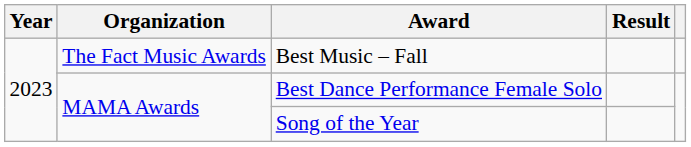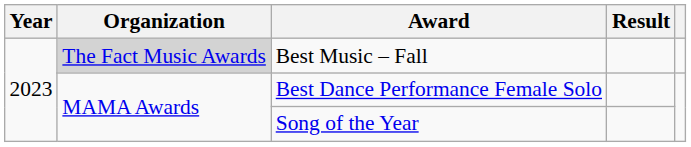 <table class="wikitable plainrowheaders">
 <tr align=center>
 <th scope="col">Year</th>
 <th scope="col">Organization</th>
 <th scope="col">Award</th>
 <th scope="col">Result</th>
 <th scope="col"></th>
 </tr>
 <tr>
 <td rowspan="3" align="center">2023</td>
-<td><a href='#'>The Fact Music Awards</a></td>
+<td style="background: lightgrey;"><a href='#'>The Fact Music Awards</a></td>
 <td>Best Music – Fall</td>
 <td></td>
 <td style="text-align:center;"></td>
 </tr>
 <tr>
 <td rowspan="2"><a href='#'>MAMA Awards</a></td>
 <td><a href='#'>Best Dance Performance Female Solo</a></td>
 <td></td>
 <td style="text-align:center" rowspan="2"></td>
 </tr>
 <tr>
 <td><a href='#'>Song of the Year</a></td>
 <td></td>
 </tr>
 </table>
